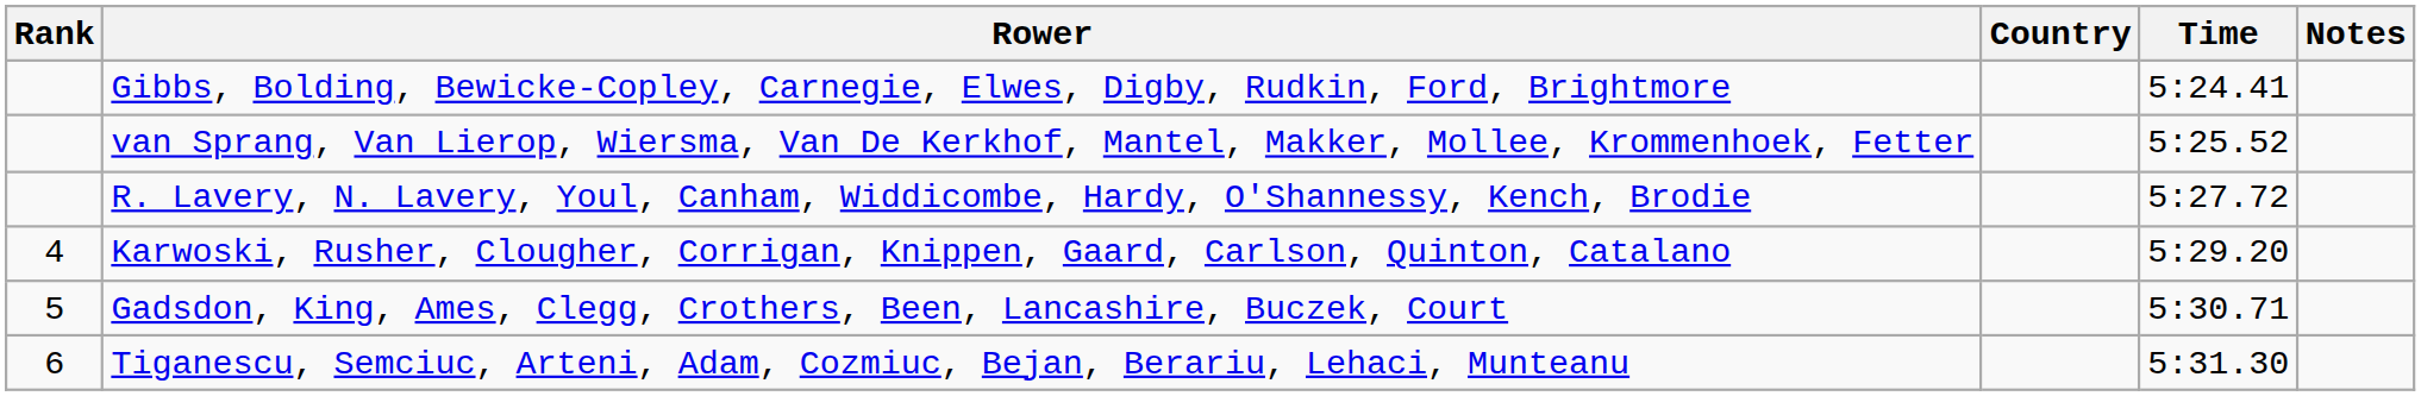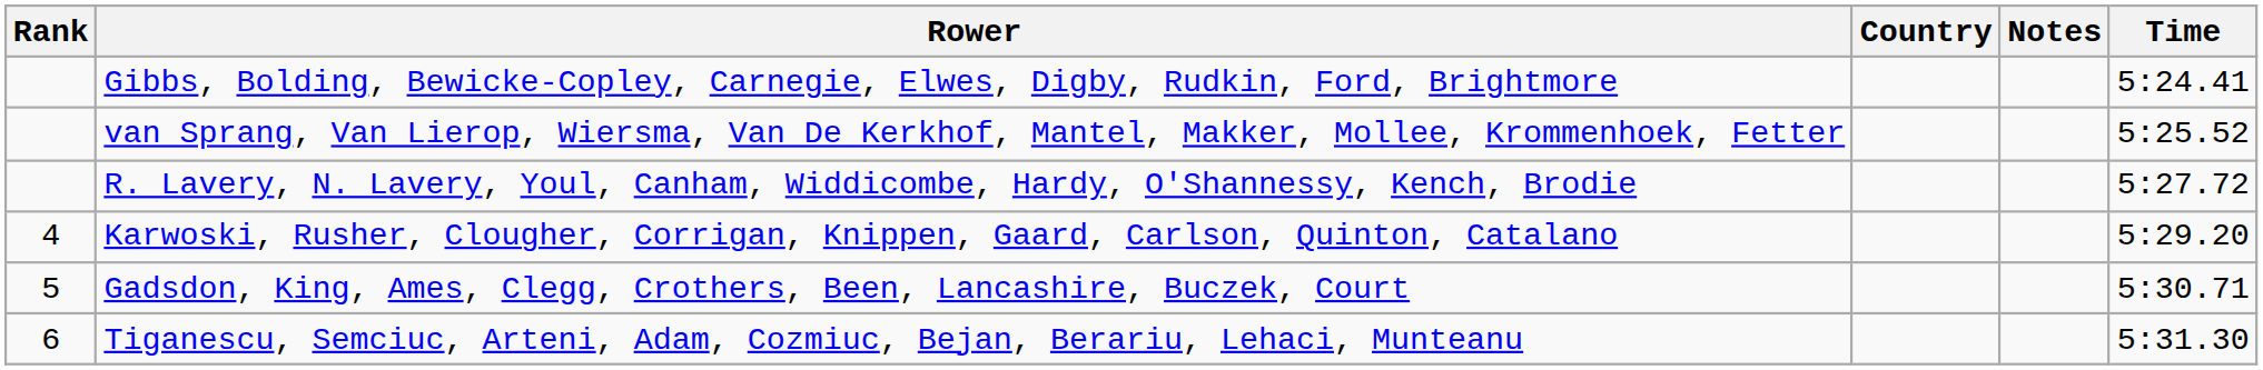 <table class="wikitable" style="text-align:center">
 <tr>
 <th>Rank</th>
 <th>Rower</th>
 <th>Country</th>
+<th>Notes</th>
 <th>Time</th>
-<th>Notes</th>
 </tr>
 <tr>
 <td></td>
 <td align="left"><a href='#'>Gibbs</a>, <a href='#'>Bolding</a>, <a href='#'>Bewicke-Copley</a>, <a href='#'>Carnegie</a>, <a href='#'>Elwes</a>, <a href='#'>Digby</a>, <a href='#'>Rudkin</a>, <a href='#'>Ford</a>, <a href='#'>Brightmore</a></td>
 <td align="left"></td>
+<td></td>
 <td>5:24.41</td>
-<td></td>
 </tr>
 <tr>
 <td></td>
 <td align="left"><a href='#'>van Sprang</a>, <a href='#'>Van Lierop</a>, <a href='#'>Wiersma</a>, <a href='#'>Van De Kerkhof</a>, <a href='#'>Mantel</a>, <a href='#'>Makker</a>, <a href='#'>Mollee</a>, <a href='#'>Krommenhoek</a>, <a href='#'>Fetter</a></td>
 <td align="left"></td>
+<td></td>
 <td>5:25.52</td>
-<td></td>
 </tr>
 <tr>
 <td></td>
 <td align="left"><a href='#'>R. Lavery</a>, <a href='#'>N. Lavery</a>, <a href='#'>Youl</a>, <a href='#'>Canham</a>, <a href='#'>Widdicombe</a>, <a href='#'>Hardy</a>, <a href='#'>O'Shannessy</a>, <a href='#'>Kench</a>, <a href='#'>Brodie</a></td>
 <td align="left"></td>
+<td></td>
 <td>5:27.72</td>
-<td></td>
 </tr>
 <tr>
 <td>4</td>
 <td align="left"><a href='#'>Karwoski</a>, <a href='#'>Rusher</a>, <a href='#'>Clougher</a>, <a href='#'>Corrigan</a>, <a href='#'>Knippen</a>, <a href='#'>Gaard</a>, <a href='#'>Carlson</a>, <a href='#'>Quinton</a>, <a href='#'>Catalano</a></td>
 <td align="left"></td>
+<td></td>
 <td>5:29.20</td>
-<td></td>
 </tr>
 <tr>
 <td>5</td>
 <td align="left"><a href='#'>Gadsdon</a>, <a href='#'>King</a>, <a href='#'>Ames</a>, <a href='#'>Clegg</a>, <a href='#'>Crothers</a>, <a href='#'>Been</a>, <a href='#'>Lancashire</a>, <a href='#'>Buczek</a>, <a href='#'>Court</a></td>
 <td align="left"></td>
+<td></td>
 <td>5:30.71</td>
-<td></td>
 </tr>
 <tr>
 <td>6</td>
 <td align="left"><a href='#'>Tiganescu</a>, <a href='#'>Semciuc</a>, <a href='#'>Arteni</a>, <a href='#'>Adam</a>, <a href='#'>Cozmiuc</a>, <a href='#'>Bejan</a>, <a href='#'>Berariu</a>, <a href='#'>Lehaci</a>, <a href='#'>Munteanu</a></td>
 <td align="left"></td>
+<td></td>
 <td>5:31.30</td>
-<td></td>
 </tr>
 </table>
